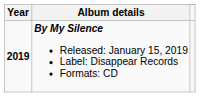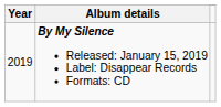 <table class="wikitable">
 <tr>
 <th rowspan="2">Year</th>
 <th rowspan="2">Album details</th>
 </tr>
 <tr>
 <td></td>
 </tr>
 <tr>
-<td><strong>2019</strong></td>
+<td>2019</td>
 <td align="left"><strong><em>By My Silence</em></strong><br><ul><li>Released: January 15, 2019</li><li>Label: Disappear Records</li><li>Formats: CD</li></ul></td>
 </tr>
 </table>
